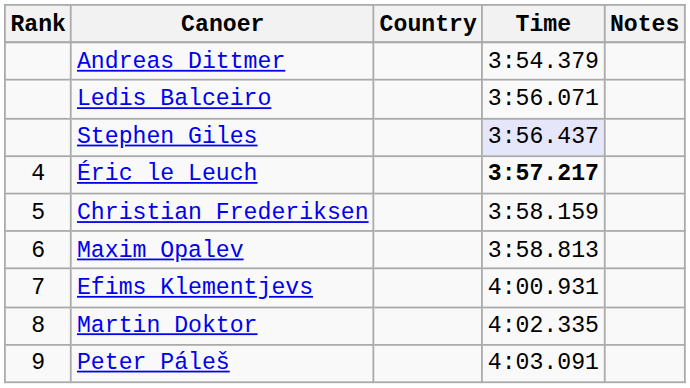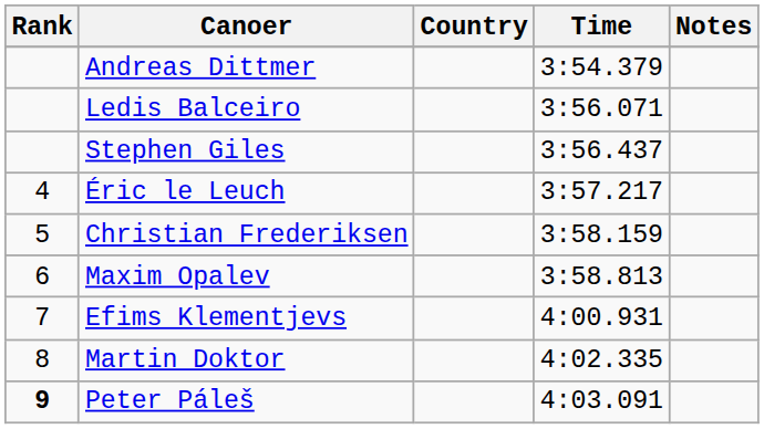 <table class="wikitable sortable" style="text-align:center">
 <tr>
 <th>Rank</th>
 <th>Canoer</th>
 <th>Country</th>
 <th>Time</th>
 <th>Notes</th>
 </tr>
 <tr>
 </tr>
 <tr>
 <td align="center"></td>
 <td align="left"><a href='#'>Andreas Dittmer</a></td>
 <td align="left"></td>
 <td align="center">3:54.379</td>
 <td></td>
 </tr>
 <tr>
 <td align="center"></td>
 <td align="left"><a href='#'>Ledis Balceiro</a></td>
 <td align="left"></td>
 <td align="center">3:56.071</td>
 <td></td>
 </tr>
 <tr>
 <td align="center"></td>
 <td align="left"><a href='#'>Stephen Giles</a></td>
 <td align="left"></td>
-<td align="center" style="background: lavender;">3:56.437</td>
+<td align="center">3:56.437</td>
 <td></td>
 </tr>
 <tr>
 <td align="center">4</td>
 <td align="left"><a href='#'>Éric le Leuch</a></td>
 <td align="left"></td>
-<td align="center"><strong>3:57.217</strong></td>
+<td align="center">3:57.217</td>
 <td></td>
 </tr>
 <tr>
 <td align="center">5</td>
 <td align="left"><a href='#'>Christian Frederiksen</a></td>
 <td align="left"></td>
 <td align="center">3:58.159</td>
 <td></td>
 </tr>
 <tr>
 <td align="center">6</td>
 <td align="left"><a href='#'>Maxim Opalev</a></td>
 <td align="left"></td>
 <td align="center">3:58.813</td>
 <td></td>
 </tr>
 <tr>
 <td align="center">7</td>
 <td align="left"><a href='#'>Efims Klementjevs</a></td>
 <td align="left"></td>
 <td align="center">4:00.931</td>
 <td></td>
 </tr>
 <tr>
 <td align="center">8</td>
 <td align="left"><a href='#'>Martin Doktor</a></td>
 <td align="left"></td>
 <td align="center">4:02.335</td>
 <td></td>
 </tr>
 <tr>
-<td align="center">9</td>
+<td align="center"><strong>9</strong></td>
 <td align="left"><a href='#'>Peter Páleš</a></td>
 <td align="left"></td>
 <td align="center">4:03.091</td>
 <td></td>
 </tr>
 </table>
